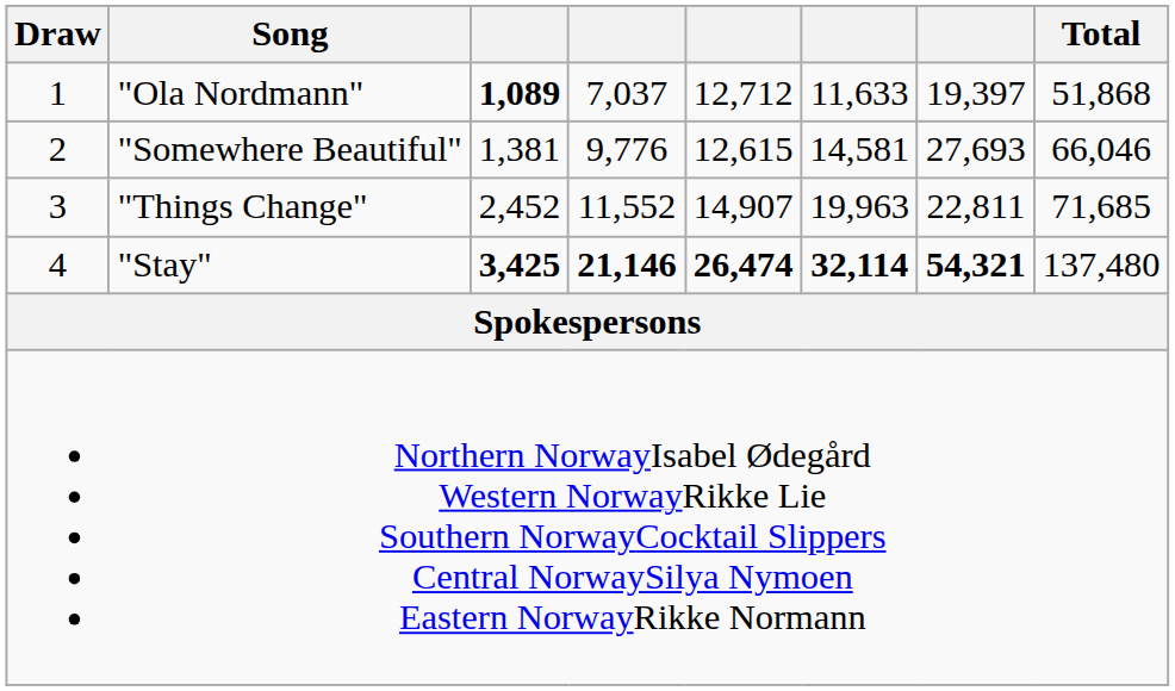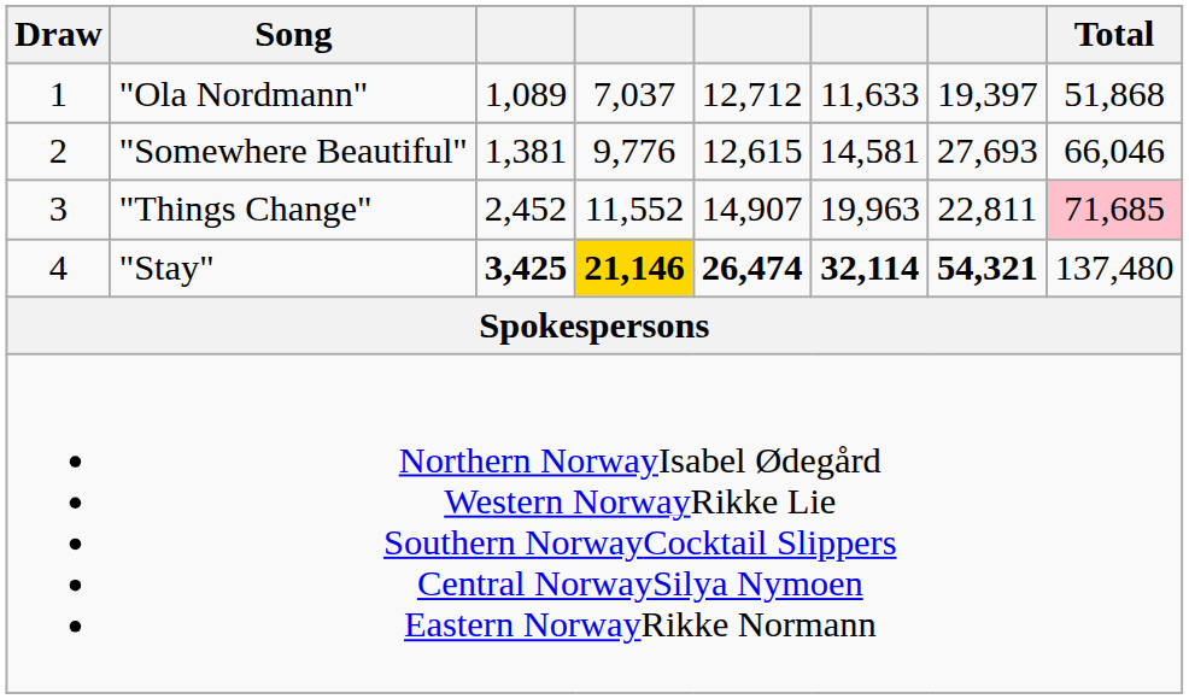 <table class="wikitable collapsible" style="margin: 1em auto 1em auto; text-align:center;">
 <tr>
 <th>Draw</th>
 <th>Song</th>
 <th><abbr></abbr></th>
 <th><abbr></abbr></th>
 <th><abbr></abbr></th>
 <th><abbr></abbr></th>
 <th><abbr></abbr></th>
 <th>Total</th>
 </tr>
 <tr>
 <td>1</td>
 <td align=left>"Ola Nordmann"</td>
-<td><strong>1,089</strong></td>
+<td>1,089</td>
 <td>7,037</td>
 <td>12,712</td>
 <td>11,633</td>
 <td>19,397</td>
 <td>51,868</td>
 </tr>
 <tr>
 <td>2</td>
 <td align=left>"Somewhere Beautiful"</td>
 <td>1,381</td>
 <td>9,776</td>
 <td>12,615</td>
 <td>14,581</td>
 <td>27,693</td>
 <td>66,046</td>
 </tr>
 <tr>
 <td>3</td>
 <td align=left>"Things Change"</td>
 <td>2,452</td>
 <td>11,552</td>
 <td>14,907</td>
 <td>19,963</td>
 <td>22,811</td>
-<td>71,685</td>
+<td style="background: pink;">71,685</td>
 </tr>
 <tr>
 <td>4</td>
 <td align=left>"Stay"</td>
 <td><strong>3,425</strong></td>
-<td><strong>21,146</strong></td>
+<td style="background: gold;"><strong>21,146</strong></td>
 <td><strong>26,474</strong></td>
 <td><strong>32,114</strong></td>
 <td><strong>54,321</strong></td>
 <td>137,480</td>
 </tr>
 <tr>
 <th colspan="8">Spokespersons</th>
 </tr>
 <tr>
 <td colspan="8"><br><ul><li><a href='#'>Northern Norway</a>Isabel Ødegård</li><li><a href='#'>Western Norway</a>Rikke Lie</li><li><a href='#'>Southern Norway</a><a href='#'>Cocktail Slippers</a></li><li><a href='#'>Central Norway</a><a href='#'>Silya Nymoen</a></li><li><a href='#'>Eastern Norway</a>Rikke Normann</li></ul></td>
 </tr>
 </table>
